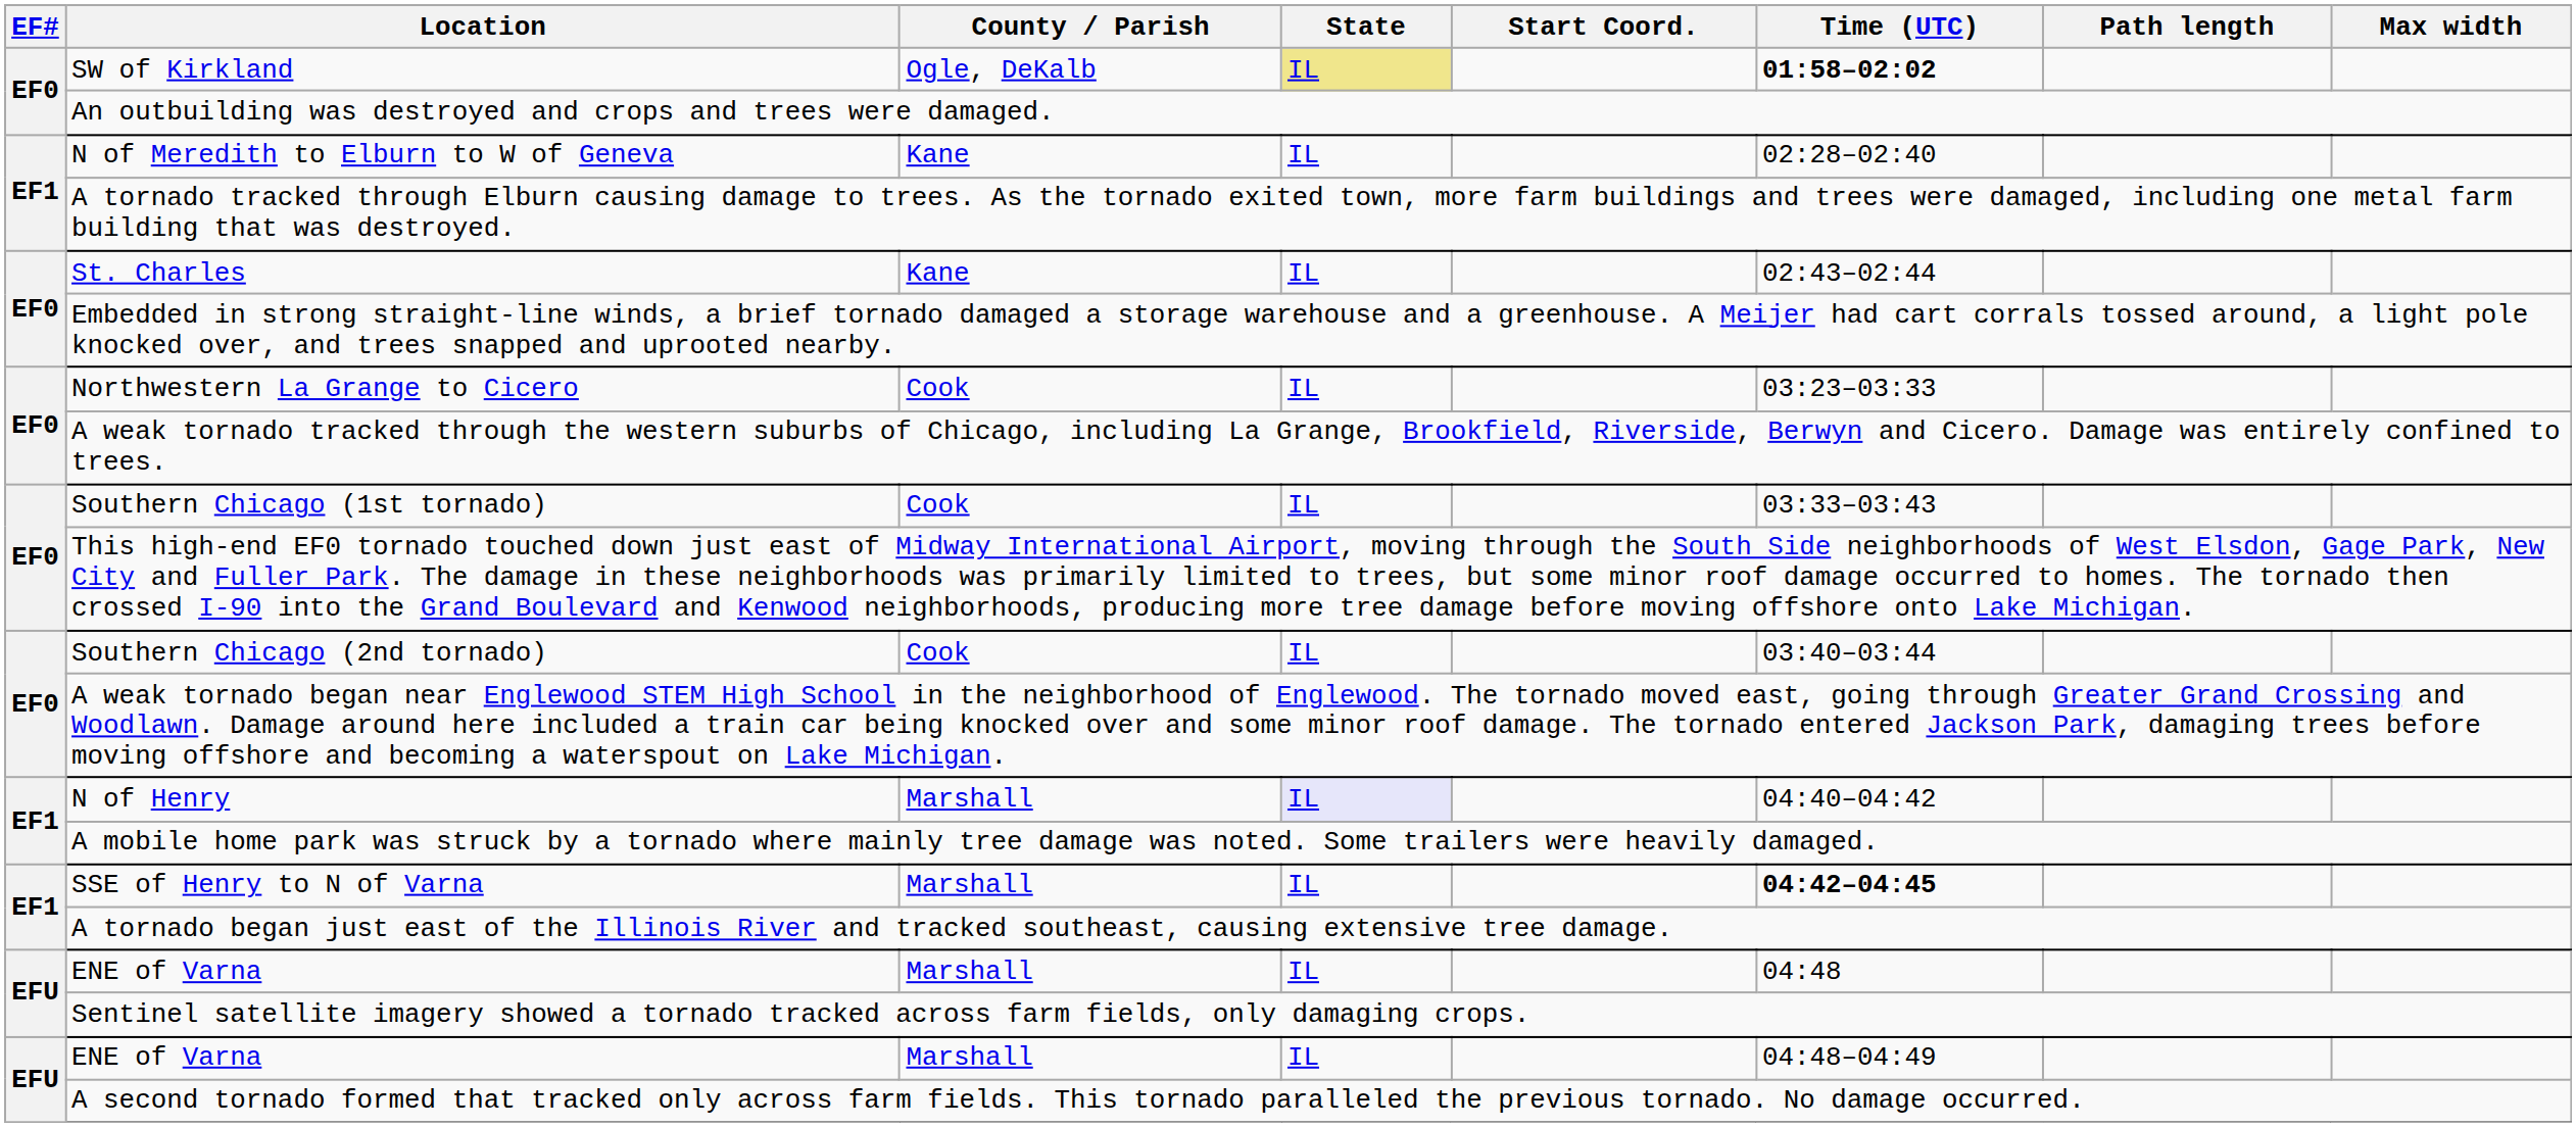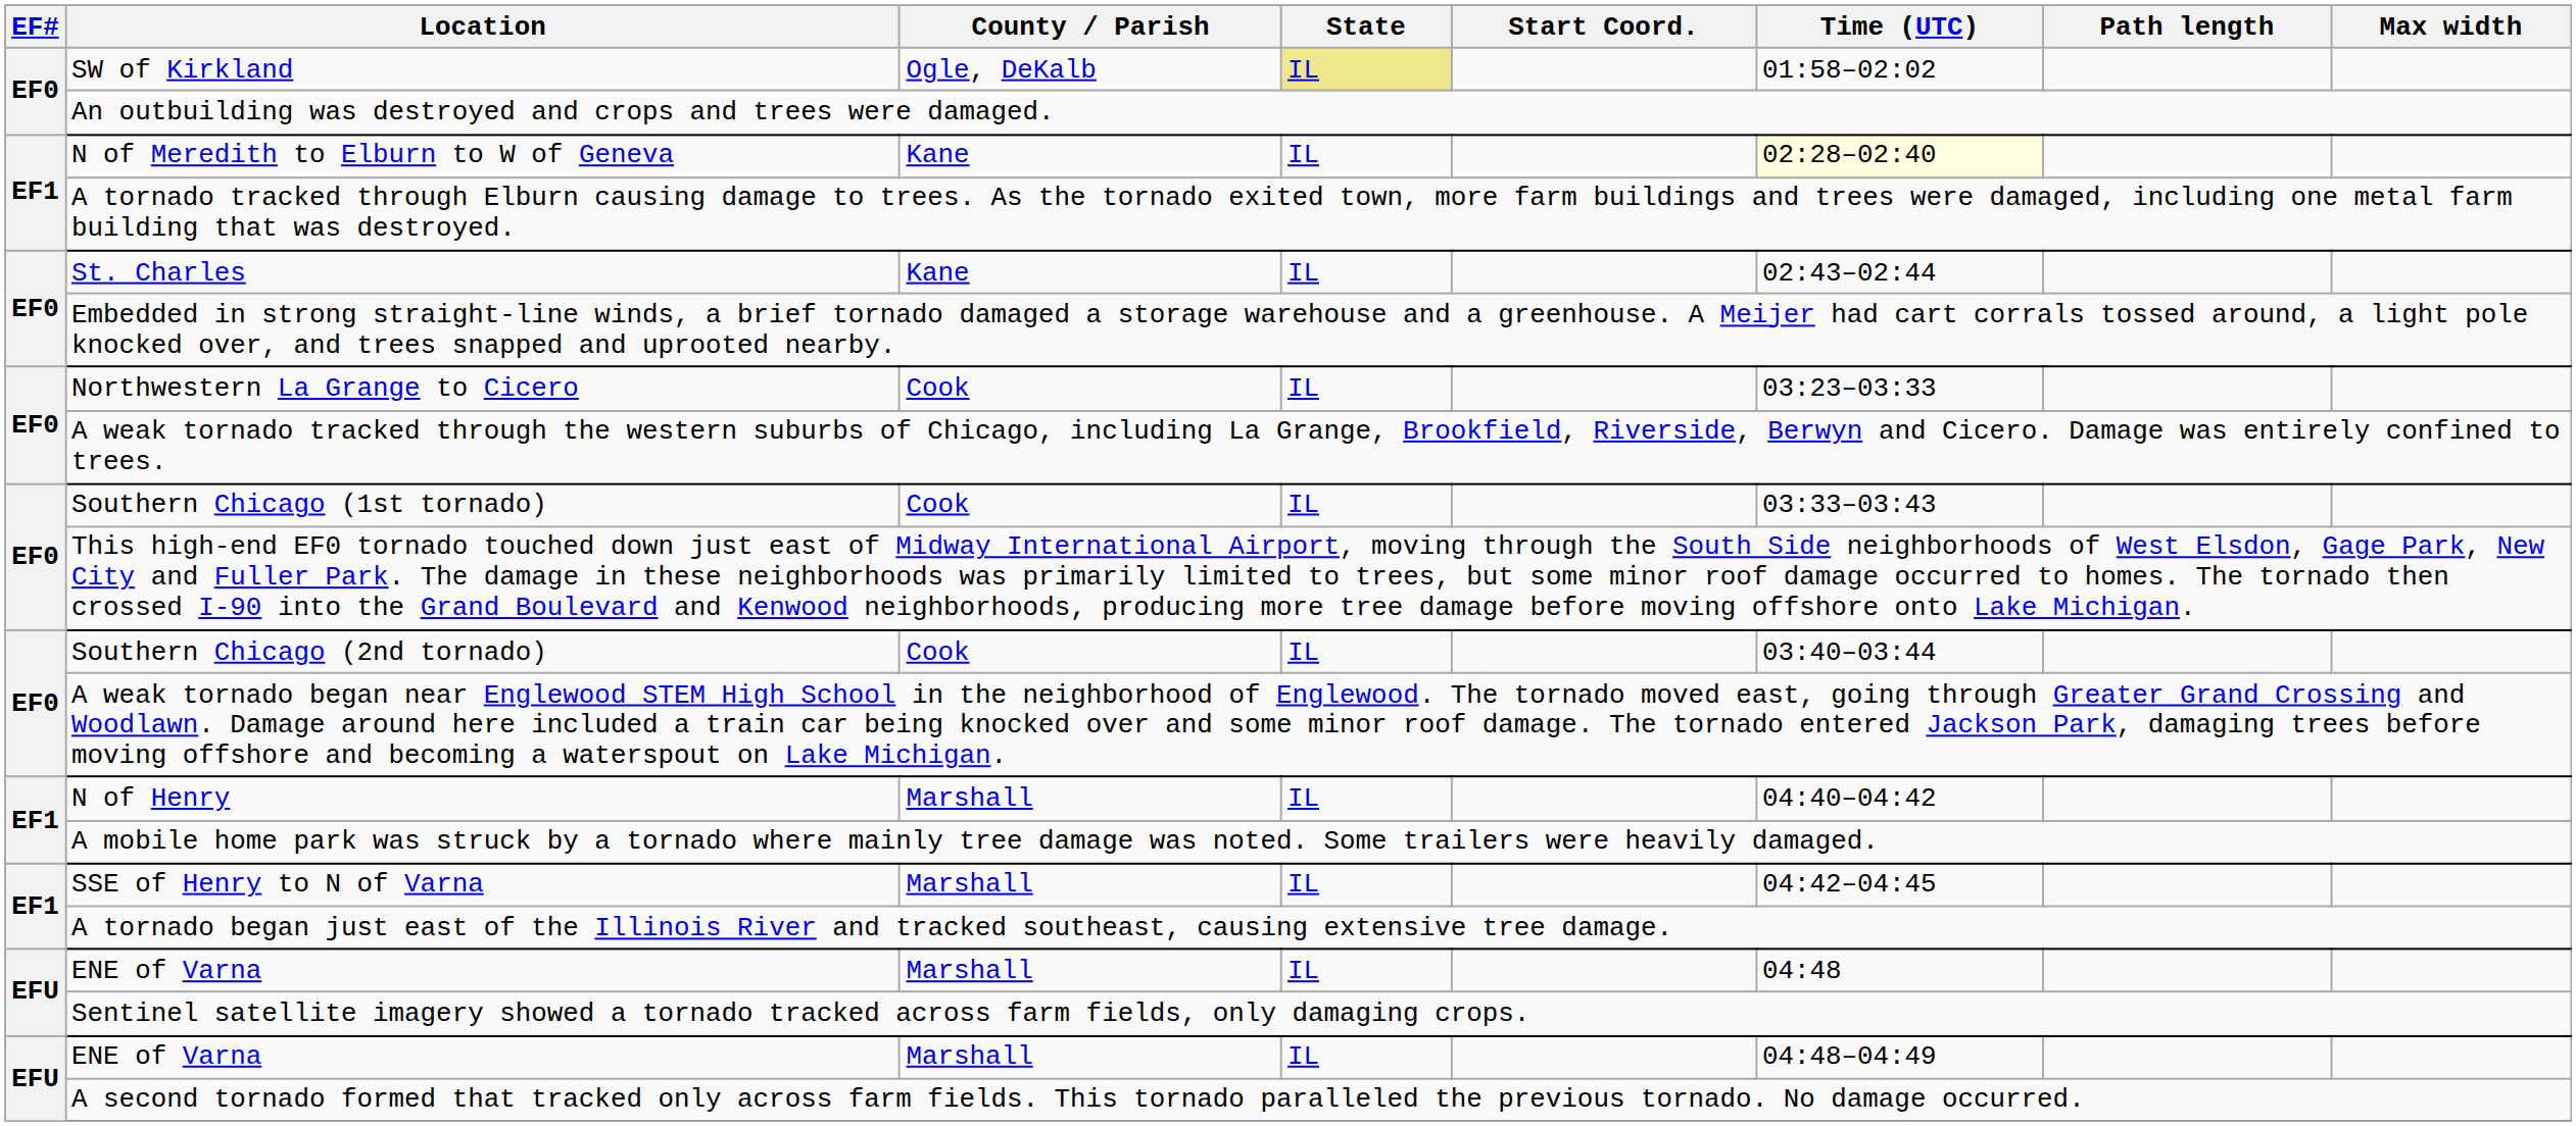 <table class="wikitable sortable" style="width:100%;">
 <tr>
 <th scope="col" width="2%" align="center"><a href='#'>EF#</a></th>
 <th scope="col" align="center" class="unsortable">Location</th>
 <th scope="col" align="center" class="unsortable">County / Parish</th>
 <th scope="col" align="center">State</th>
 <th scope="col" align="center">Start Coord.</th>
 <th scope="col" align="center">Time (<a href='#'>UTC</a>)</th>
 <th scope="col" align="center">Path length</th>
 <th scope="col" align="center">Max width</th>
 </tr>
 <tr>
 <th scope="row" rowspan="2" style="background-color:#">EF0</th>
 <td>SW of <a href='#'>Kirkland</a></td>
 <td><a href='#'>Ogle</a>, <a href='#'>DeKalb</a></td>
 <td style="background: khaki;"><a href='#'>IL</a></td>
 <td></td>
-<td><strong>01:58–02:02</strong></td>
+<td>01:58–02:02</td>
 <td></td>
 <td></td>
 </tr>
 <tr class="expand-child">
 <td colspan="8" style=" border-bottom: 1px solid black;">An outbuilding was destroyed and crops and trees were damaged.</td>
 </tr>
 <tr>
 <th scope="row" rowspan="2" style="background-color:#">EF1</th>
 <td>N of <a href='#'>Meredith</a> to <a href='#'>Elburn</a> to W of <a href='#'>Geneva</a></td>
 <td><a href='#'>Kane</a></td>
 <td><a href='#'>IL</a></td>
 <td></td>
-<td>02:28–02:40</td>
+<td style="background: lightyellow;">02:28–02:40</td>
 <td></td>
 <td></td>
 </tr>
 <tr class="expand-child">
 <td colspan="8" style=" border-bottom: 1px solid black;">A tornado tracked through Elburn causing damage to trees. As the tornado exited town, more farm buildings and trees were damaged, including one metal farm building that was destroyed.</td>
 </tr>
 <tr>
 <th scope="row" rowspan="2" style="background-color:#">EF0</th>
 <td><a href='#'>St. Charles</a></td>
 <td><a href='#'>Kane</a></td>
 <td><a href='#'>IL</a></td>
 <td></td>
 <td>02:43–02:44</td>
 <td></td>
 <td></td>
 </tr>
 <tr class="expand-child">
 <td colspan="8" style=" border-bottom: 1px solid black;">Embedded in strong straight-line winds, a brief tornado damaged a storage warehouse and a greenhouse. A <a href='#'>Meijer</a> had cart corrals tossed around, a light pole knocked over, and trees snapped and uprooted nearby.</td>
 </tr>
 <tr>
 <th scope="row" rowspan="2" style="background-color:#">EF0</th>
 <td>Northwestern <a href='#'>La Grange</a> to <a href='#'>Cicero</a></td>
 <td><a href='#'>Cook</a></td>
 <td><a href='#'>IL</a></td>
 <td></td>
 <td>03:23–03:33</td>
 <td></td>
 <td></td>
 </tr>
 <tr class="expand-child">
 <td colspan="8" style=" border-bottom: 1px solid black;">A weak tornado tracked through the western suburbs of Chicago, including La Grange, <a href='#'>Brookfield</a>, <a href='#'>Riverside</a>, <a href='#'>Berwyn</a> and Cicero. Damage was entirely confined to trees.</td>
 </tr>
 <tr>
 <th scope="row" rowspan="2" style="background-color:#">EF0</th>
 <td>Southern <a href='#'>Chicago</a> (1st tornado)</td>
 <td><a href='#'>Cook</a></td>
 <td><a href='#'>IL</a></td>
 <td></td>
 <td>03:33–03:43</td>
 <td></td>
 <td></td>
 </tr>
 <tr class="expand-child">
 <td colspan="8" style=" border-bottom: 1px solid black;">This high-end EF0 tornado touched down just east of <a href='#'>Midway International Airport</a>, moving through the <a href='#'>South Side</a> neighborhoods of <a href='#'>West Elsdon</a>, <a href='#'>Gage Park</a>, <a href='#'>New City</a> and <a href='#'>Fuller Park</a>. The damage in these neighborhoods was primarily limited to trees, but some minor roof damage occurred to homes. The tornado then crossed <a href='#'>I-90</a> into the <a href='#'>Grand Boulevard</a> and <a href='#'>Kenwood</a> neighborhoods, producing more tree damage before moving offshore onto <a href='#'>Lake Michigan</a>.</td>
 </tr>
 <tr>
 <th scope="row" rowspan="2" style="background-color:#">EF0</th>
 <td>Southern <a href='#'>Chicago</a> (2nd tornado)</td>
 <td><a href='#'>Cook</a></td>
 <td><a href='#'>IL</a></td>
 <td></td>
 <td>03:40–03:44</td>
 <td></td>
 <td></td>
 </tr>
 <tr class="expand-child">
 <td colspan="8" style=" border-bottom: 1px solid black;">A weak tornado began near <a href='#'>Englewood STEM High School</a> in the neighborhood of <a href='#'>Englewood</a>. The tornado moved east, going through <a href='#'>Greater Grand Crossing</a> and <a href='#'>Woodlawn</a>. Damage around here included a train car being knocked over and some minor roof damage. The tornado entered <a href='#'>Jackson Park</a>, damaging trees before moving offshore and becoming a waterspout on <a href='#'>Lake Michigan</a>.</td>
 </tr>
 <tr>
 <th scope="row" rowspan="2" style="background-color:#">EF1</th>
 <td>N of <a href='#'>Henry</a></td>
 <td><a href='#'>Marshall</a></td>
-<td style="background: lavender;"><a href='#'>IL</a></td>
+<td><a href='#'>IL</a></td>
 <td></td>
 <td>04:40–04:42</td>
 <td></td>
 <td></td>
 </tr>
 <tr class="expand-child">
 <td colspan="8" style=" border-bottom: 1px solid black;">A mobile home park was struck by a tornado where mainly tree damage was noted. Some trailers were heavily damaged.</td>
 </tr>
 <tr>
 <th scope="row" rowspan="2" style="background-color:#">EF1</th>
 <td>SSE of <a href='#'>Henry</a> to N of <a href='#'>Varna</a></td>
 <td><a href='#'>Marshall</a></td>
 <td><a href='#'>IL</a></td>
 <td></td>
-<td><strong>04:42–04:45</strong></td>
+<td>04:42–04:45</td>
 <td></td>
 <td></td>
 </tr>
 <tr class="expand-child">
 <td colspan="8" style=" border-bottom: 1px solid black;">A tornado began just east of the <a href='#'>Illinois River</a> and tracked southeast, causing extensive tree damage.</td>
 </tr>
 <tr>
 <th scope="row" rowspan="2" style="background-color:#">EFU</th>
 <td>ENE of <a href='#'>Varna</a></td>
 <td><a href='#'>Marshall</a></td>
 <td><a href='#'>IL</a></td>
 <td></td>
 <td>04:48</td>
 <td></td>
 <td></td>
 </tr>
 <tr class="expand-child">
 <td colspan="8" style=" border-bottom: 1px solid black;">Sentinel satellite imagery showed a tornado tracked across farm fields, only damaging crops.</td>
 </tr>
 <tr>
 <th scope="row" rowspan="2" style="background-color:#">EFU</th>
 <td>ENE of <a href='#'>Varna</a></td>
 <td><a href='#'>Marshall</a></td>
 <td><a href='#'>IL</a></td>
 <td></td>
 <td>04:48–04:49</td>
 <td></td>
 <td></td>
 </tr>
 <tr class="expand-child">
 <td colspan="8" style=" border-bottom: 1px solid black;">A second tornado formed that tracked only across farm fields. This tornado paralleled the previous tornado. No damage occurred.</td>
 </tr>
 <tr>
 </tr>
 </table>
